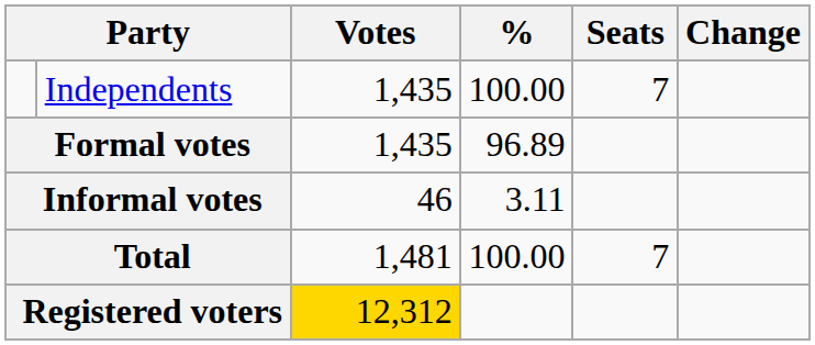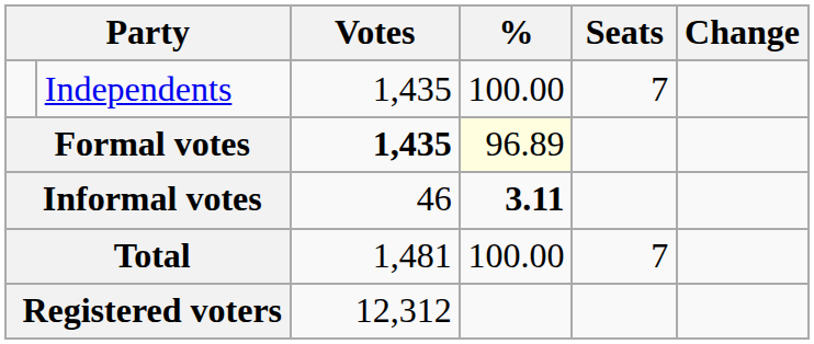 <table class="wikitable" style="text-align:right; margin-bottom:0">
 <tr>
 <th colspan="3" style="width:10px">Party</th>
 <th style="width:70px;">Votes</th>
 <th style="width:40px;">%</th>
 <th style="width:40px;">Seats</th>
 <th style="width:40px;">Change</th>
 </tr>
 <tr>
 <td> </td>
 <td colspan="2" style="text-align:left;"><a href='#'>Independents</a></td>
 <td style="width:70px;">1,435</td>
 <td style="width:40px;">100.00</td>
 <td style="width:40px;">7</td>
 <td style="width:40px;"></td>
 </tr>
 <tr>
 <th colspan="3" rowspan="1"> Formal votes</th>
-<td>1,435</td>
-<td>96.89</td>
+<td><strong>1,435</strong></td>
+<td style="background: lightyellow;">96.89</td>
 <td></td>
 <td></td>
 </tr>
 <tr>
 <th colspan="3" rowspan="1"> Informal votes</th>
 <td>46</td>
-<td>3.11</td>
+<td><strong>3.11</strong></td>
 <td></td>
 <td></td>
 </tr>
 <tr>
 <th colspan="3" rowspan="1"> Total</th>
 <td>1,481</td>
 <td>100.00</td>
 <td>7</td>
 <td></td>
 </tr>
 <tr>
 <th colspan="3" rowspan="1"> Registered voters</th>
-<td style="background: gold;">12,312</td>
+<td>12,312</td>
 <td></td>
 <td></td>
 <td></td>
 </tr>
 </table>
